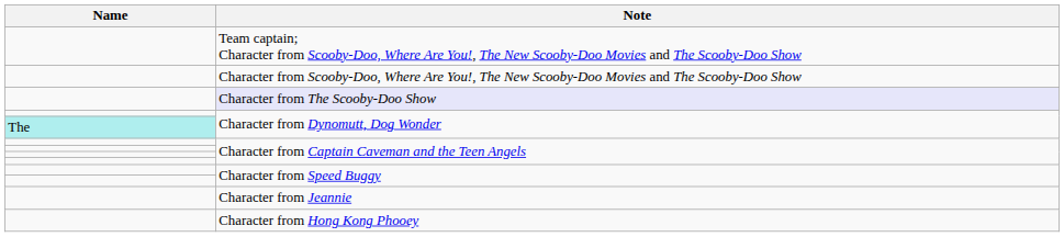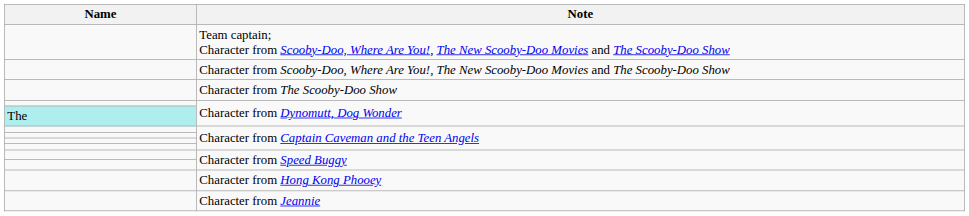 <table class="wikitable sortable" align="left center" width="95%">
 <tr>
 <th width="20%">Name</th>
 <th width="80%">Note</th>
 </tr>
 <tr>
 <td></td>
 <td>Team captain;<br> Character from <em><a href='#'>Scooby-Doo, Where Are You!</a></em>, <em><a href='#'>The New Scooby-Doo Movies</a></em> and <em><a href='#'>The Scooby-Doo Show</a></em></td>
 </tr>
 <tr>
 <td></td>
 <td>Character from <em>Scooby-Doo, Where Are You!</em>, <em>The New Scooby-Doo Movies</em> and <em>The Scooby-Doo Show</em></td>
 </tr>
 <tr>
 <td></td>
-<td style="background: lavender;">Character from <em>The Scooby-Doo Show</em></td>
+<td>Character from <em>The Scooby-Doo Show</em></td>
 </tr>
 <tr>
 <td></td>
 <td rowspan="2">Character from <em><a href='#'>Dynomutt, Dog Wonder</a></em></td>
 </tr>
 <tr>
 <td style="background: paleturquoise;">The </td>
 </tr>
 <tr>
 <td></td>
 <td rowspan="4">Character from <em><a href='#'>Captain Caveman and the Teen Angels</a></em></td>
 </tr>
 <tr>
 <td></td>
 </tr>
 <tr>
 <td></td>
 </tr>
 <tr>
 <td></td>
 </tr>
 <tr>
 <td></td>
 <td rowspan="2">Character from <em><a href='#'>Speed Buggy</a></em></td>
 </tr>
 <tr>
 <td></td>
 </tr>
 <tr>
 <td></td>
-<td>Character from <em><a href='#'>Jeannie</a></em></td>
+<td>Character from <em><a href='#'>Hong Kong Phooey</a></em></td>
 </tr>
 <tr>
 <td></td>
-<td>Character from <em><a href='#'>Hong Kong Phooey</a></em></td>
+<td>Character from <em><a href='#'>Jeannie</a></em></td>
 </tr>
 </table>
